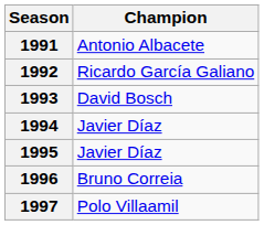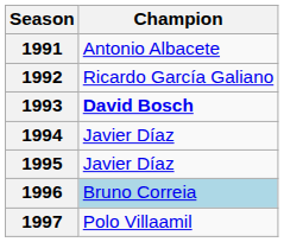 <table class="wikitable">
 <tr>
 <th>Season</th>
 <th>Champion</th>
 </tr>
 <tr>
 <th>1991</th>
 <td> <a href='#'>Antonio Albacete</a></td>
 </tr>
 <tr>
 <th>1992</th>
 <td> <a href='#'>Ricardo García Galiano</a></td>
 </tr>
 <tr>
 <th>1993</th>
-<td> <a href='#'>David Bosch</a></td>
+<td><strong> <a href='#'>David Bosch</a></strong></td>
 </tr>
 <tr>
 <th>1994</th>
 <td> <a href='#'>Javier Díaz</a></td>
 </tr>
 <tr>
 <th>1995</th>
 <td> <a href='#'>Javier Díaz</a></td>
 </tr>
 <tr>
 <th>1996</th>
-<td> <a href='#'>Bruno Correia</a></td>
+<td style="background: lightblue;"> <a href='#'>Bruno Correia</a></td>
 </tr>
 <tr>
 <th>1997</th>
 <td> <a href='#'>Polo Villaamil</a></td>
 </tr>
 </table>
